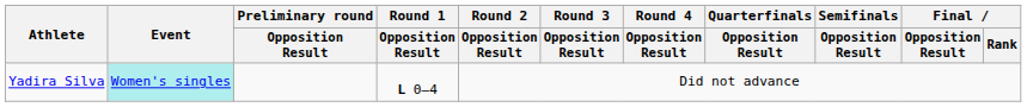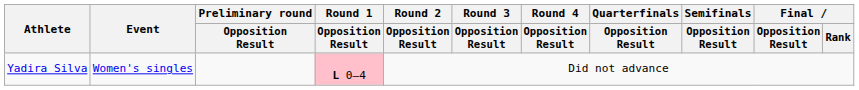 <table class="wikitable" style="font-size:90%">
 <tr>
 <th rowspan="2">Athlete</th>
 <th rowspan="2">Event</th>
 <th>Preliminary round</th>
 <th>Round 1</th>
 <th>Round 2</th>
 <th>Round 3</th>
 <th>Round 4</th>
 <th>Quarterfinals</th>
 <th>Semifinals</th>
 <th colspan=2>Final / </th>
 </tr>
 <tr style="font-size:95%">
 <th>Opposition<br>Result</th>
 <th>Opposition<br>Result</th>
 <th>Opposition<br>Result</th>
 <th>Opposition<br>Result</th>
 <th>Opposition<br>Result</th>
 <th>Opposition<br>Result</th>
 <th>Opposition<br>Result</th>
 <th>Opposition<br>Result</th>
 <th>Rank</th>
 </tr>
 <tr align=center>
 <td align=left><a href='#'>Yadira Silva</a></td>
-<td align=left style="background: paleturquoise;"><a href='#'>Women's singles</a></td>
+<td align=left><a href='#'>Women's singles</a></td>
 <td></td>
-<td><br> <strong>L</strong> 0–4</td>
+<td style="background: pink;"><br> <strong>L</strong> 0–4</td>
 <td colspan=7>Did not advance</td>
 </tr>
 </table>
